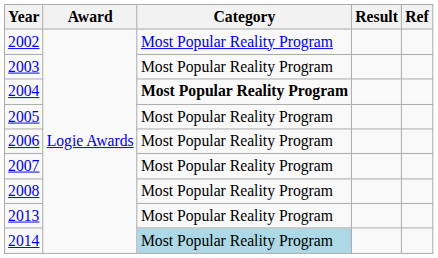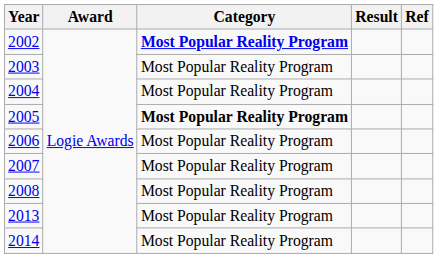 <table class="wikitable">
 <tr>
 <th>Year</th>
 <th>Award</th>
 <th>Category</th>
 <th>Result</th>
 <th>Ref</th>
 </tr>
 <tr>
 <td><a href='#'>2002</a></td>
 <td rowspan="9"><a href='#'>Logie Awards</a></td>
-<td><a href='#'>Most Popular Reality Program</a></td>
+<td><strong><a href='#'>Most Popular Reality Program</a></strong></td>
 <td></td>
 <td style="text-align:center;"></td>
 </tr>
 <tr>
 <td><a href='#'>2003</a></td>
 <td>Most Popular Reality Program</td>
 <td></td>
 <td style="text-align:center;"></td>
 </tr>
 <tr>
 <td><a href='#'>2004</a></td>
-<td><strong>Most Popular Reality Program</strong></td>
+<td>Most Popular Reality Program</td>
 <td></td>
 <td style="text-align:center;"></td>
 </tr>
 <tr>
 <td><a href='#'>2005</a></td>
-<td>Most Popular Reality Program</td>
+<td><strong>Most Popular Reality Program</strong></td>
 <td></td>
 <td style="text-align:center;"></td>
 </tr>
 <tr>
 <td><a href='#'>2006</a></td>
 <td>Most Popular Reality Program</td>
 <td></td>
 <td style="text-align:center;"></td>
 </tr>
 <tr>
 <td><a href='#'>2007</a></td>
 <td>Most Popular Reality Program</td>
 <td></td>
 <td style="text-align:center;"></td>
 </tr>
 <tr>
 <td><a href='#'>2008</a></td>
 <td>Most Popular Reality Program</td>
 <td></td>
 <td style="text-align:center;"></td>
 </tr>
 <tr>
 <td><a href='#'>2013</a></td>
 <td>Most Popular Reality Program</td>
 <td></td>
 <td style="text-align:center;"></td>
 </tr>
 <tr>
 <td><a href='#'>2014</a></td>
-<td style="background: lightblue;">Most Popular Reality Program</td>
+<td>Most Popular Reality Program</td>
 <td></td>
 <td style="text-align:center;"></td>
 </tr>
 </table>
